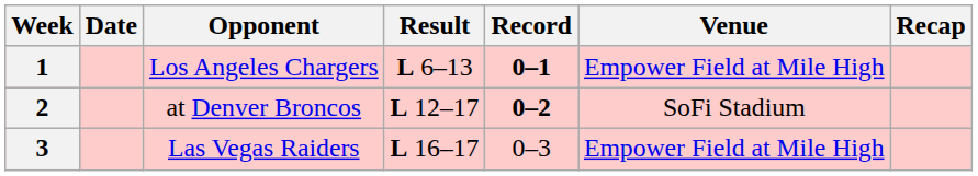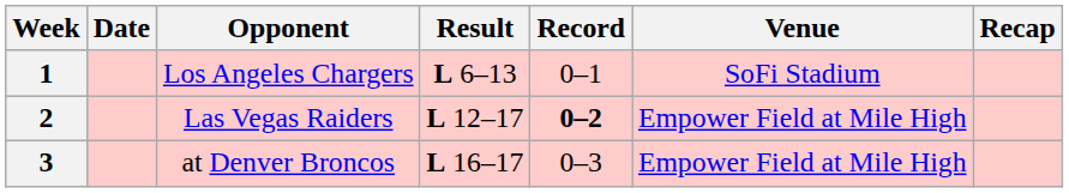 <table class="wikitable" style="text-align:center">
 <tr>
 <th>Week</th>
 <th>Date</th>
 <th>Opponent</th>
 <th>Result</th>
 <th>Record</th>
 <th>Venue</th>
 <th>Recap</th>
 </tr>
 <tr style="background:#fcc">
 <th>1</th>
 <td></td>
 <td><a href='#'>Los Angeles Chargers</a></td>
 <td><strong>L</strong> 6–13</td>
-<td><strong>0–1</strong></td>
-<td><a href='#'>Empower Field at Mile High</a></td>
+<td>0–1</td>
+<td><a href='#'>SoFi Stadium</a></td>
 <td></td>
 </tr>
 <tr style="background:#fcc">
 <th>2</th>
 <td></td>
-<td>at <a href='#'>Denver Broncos</a></td>
+<td><a href='#'>Las Vegas Raiders</a></td>
 <td><strong>L</strong> 12–17</td>
 <td><strong>0–2</strong></td>
-<td>SoFi Stadium</td>
+<td><a href='#'>Empower Field at Mile High</a></td>
 <td></td>
 </tr>
 <tr style="background:#fcc">
 <th>3</th>
 <td></td>
-<td><a href='#'>Las Vegas Raiders</a></td>
+<td>at <a href='#'>Denver Broncos</a></td>
 <td><strong>L</strong> 16–17</td>
 <td>0–3</td>
 <td><a href='#'>Empower Field at Mile High</a></td>
 <td></td>
 </tr>
 </table>
